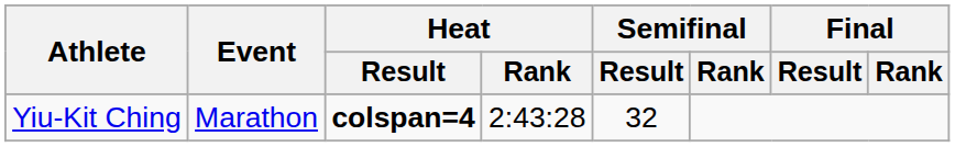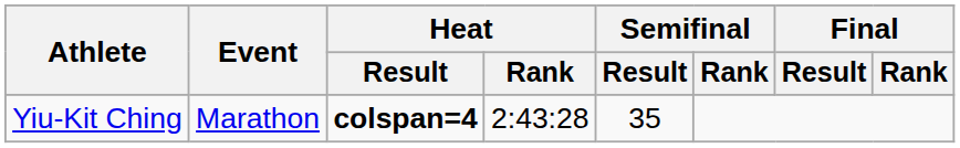 <table class="wikitable" style="font-size:90%">
 <tr>
 <th rowspan="2">Athlete</th>
 <th rowspan="2">Event</th>
 <th colspan="2">Heat</th>
 <th colspan="2">Semifinal</th>
 <th colspan="2">Final</th>
 </tr>
 <tr style="font-size:95%">
 <th>Result</th>
 <th>Rank</th>
 <th>Result</th>
 <th>Rank</th>
 <th>Result</th>
 <th>Rank</th>
 </tr>
 <tr style=text-align:center>
 <td style=text-align:left><a href='#'>Yiu-Kit Ching</a></td>
 <td style=text-align:left><a href='#'>Marathon</a></td>
 <td><strong>colspan=4 </strong></td>
 <td>2:43:28</td>
-<td>32</td>
+<td>35</td>
 </tr>
 </table>
